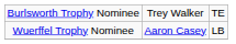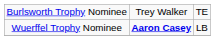 <table class="wikitable sortable sortable" style="text-align: center">
 <tr>
 <td><a href='#'>Burlsworth Trophy</a> Nominee</td>
 <td>Trey Walker</td>
 <td>TE</td>
 </tr>
 <tr>
 <td><a href='#'>Wuerffel Trophy</a> Nominee</td>
-<td><a href='#'>Aaron Casey</a></td>
+<td><strong><a href='#'>Aaron Casey</a></strong></td>
 <td>LB</td>
 </tr>
 <tr>
 </tr>
 </table>
